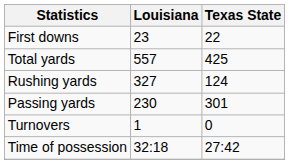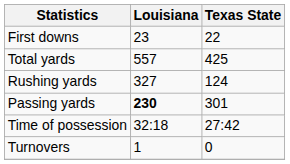 <table class="wikitable">
 <tr>
 <th>Statistics</th>
 <th>Louisiana</th>
 <th>Texas State</th>
 </tr>
 <tr>
 <td>First downs</td>
 <td>23</td>
 <td>22</td>
 </tr>
 <tr>
 <td>Total yards</td>
 <td>557</td>
 <td>425</td>
 </tr>
 <tr>
 <td>Rushing yards</td>
 <td>327</td>
 <td>124</td>
 </tr>
 <tr>
 <td>Passing yards</td>
-<td>230</td>
+<td><strong>230</strong></td>
 <td>301</td>
+</tr>
+<tr>
+<td>Time of possession</td>
+<td>32:18</td>
+<td>27:42</td>
 </tr>
 <tr>
 <td>Turnovers</td>
 <td>1</td>
 <td>0</td>
 </tr>
 <tr>
-<td>Time of possession</td>
-<td>32:18</td>
-<td>27:42</td>
-</tr>
-<tr>
 </tr>
 </table>
